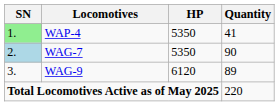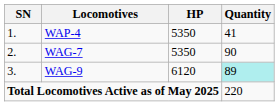 <table class="wikitable">
 <tr>
 <th>SN</th>
 <th>Locomotives</th>
 <th>HP</th>
 <th>Quantity</th>
 </tr>
 <tr>
-<td style="background: lightgreen;">1.</td>
+<td>1.</td>
 <td><a href='#'>WAP-4</a></td>
 <td>5350</td>
 <td>41</td>
 </tr>
 <tr>
-<td style="background: lightblue;">2.</td>
+<td>2.</td>
 <td><a href='#'>WAG-7</a></td>
 <td>5350</td>
 <td>90</td>
 </tr>
 <tr>
 <td>3.</td>
 <td><a href='#'>WAG-9</a></td>
 <td>6120</td>
-<td>89</td>
+<td style="background: paleturquoise;">89</td>
 </tr>
 <tr>
 <td colspan="3"><strong>Total Locomotives Active as of May 2025</strong></td>
 <td>220</td>
 </tr>
 </table>
